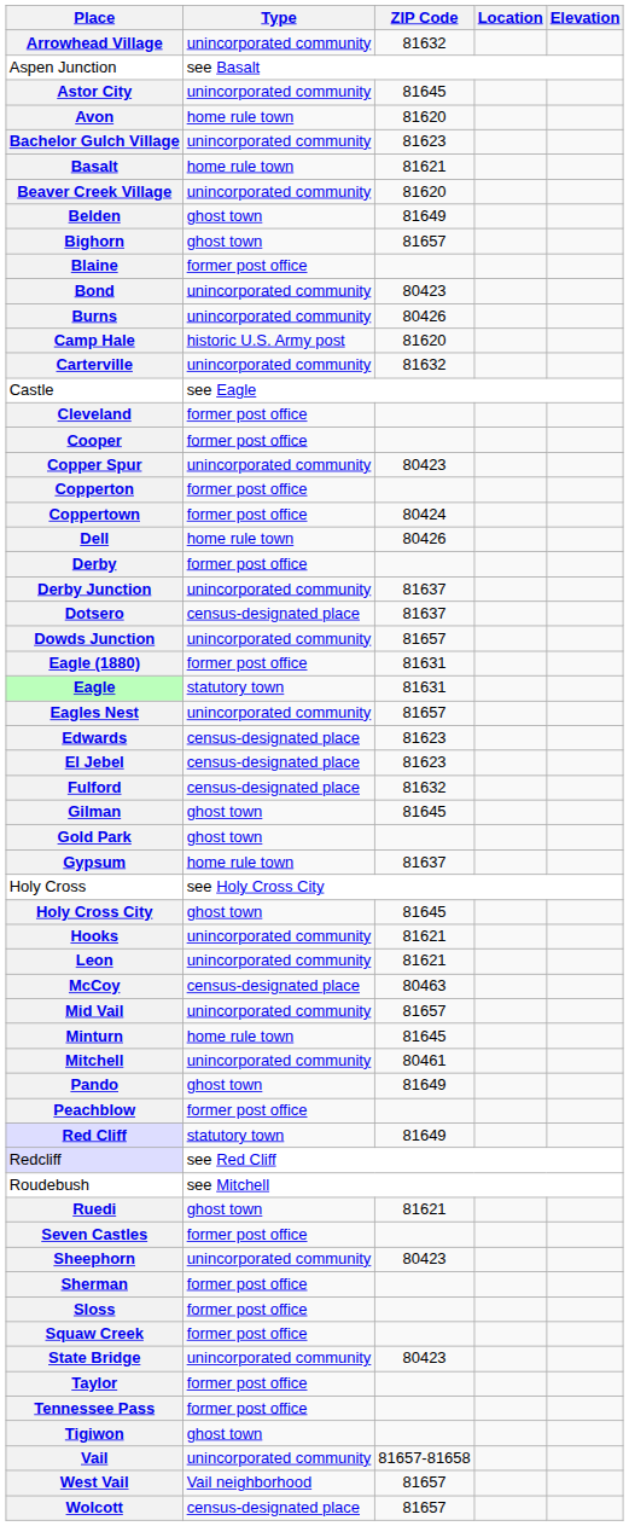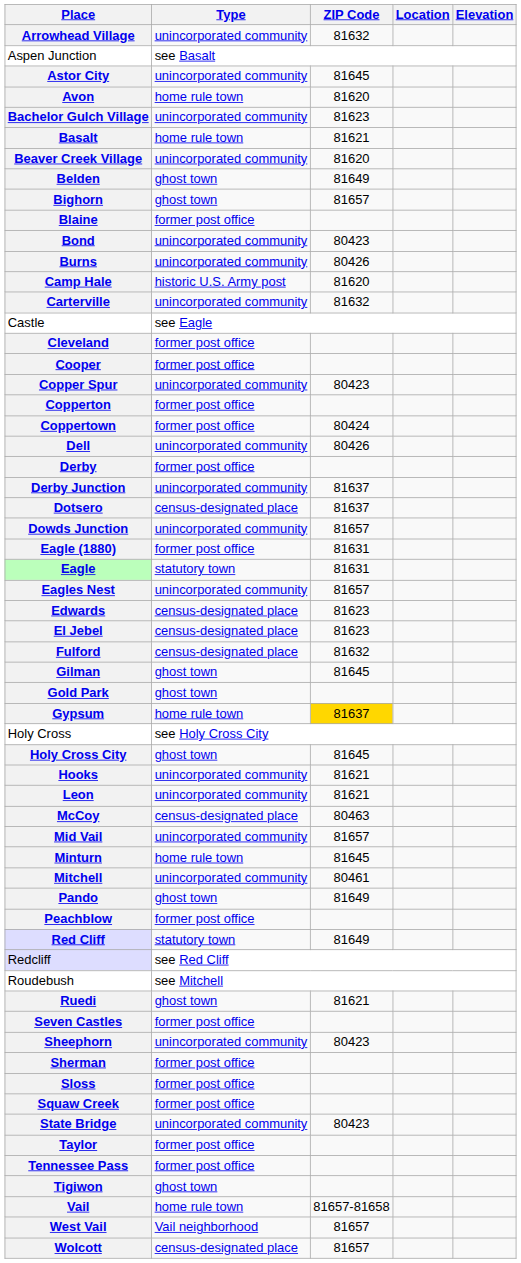 <table class="wikitable sortable  plainrowheaders" style="margin:auto;">
 <tr>
 <th scope=col><a href='#'>Place</a></th>
 <th scope=col><a href='#'>Type</a></th>
 <th scope=col><a href='#'>ZIP Code</a></th>
 <th scope=col><a href='#'>Location</a></th>
 <th scope=col><a href='#'>Elevation</a></th>
 </tr>
 <tr>
 <th scope=row><a href='#'>Arrowhead Village</a></th>
 <td><a href='#'>unincorporated community</a></td>
 <td align=center>81632</td>
 <td></td>
 <td align=right></td>
 </tr>
 <tr bgcolor=white>
 <td>Aspen Junction</td>
 <td colspan=4>see <a href='#'>Basalt</a></td>
 </tr>
 <tr>
 <th scope=row><a href='#'>Astor City</a></th>
 <td><a href='#'>unincorporated community</a></td>
 <td align=center>81645</td>
 <td></td>
 <td align=right></td>
 </tr>
 <tr>
 <th scope=row><a href='#'>Avon</a></th>
 <td><a href='#'>home rule town</a></td>
 <td align=center>81620</td>
 <td></td>
 <td align=right></td>
 </tr>
 <tr>
 <th scope=row><a href='#'>Bachelor Gulch Village</a></th>
 <td><a href='#'>unincorporated community</a></td>
 <td align=center>81623</td>
 <td></td>
 <td align=right></td>
 </tr>
 <tr>
 <th scope=row><a href='#'>Basalt</a></th>
 <td><a href='#'>home rule town</a></td>
 <td align=center>81621</td>
 <td></td>
 <td align=right></td>
 </tr>
 <tr>
 <th scope=row><a href='#'>Beaver Creek Village</a></th>
 <td><a href='#'>unincorporated community</a></td>
 <td align=center>81620</td>
 <td></td>
 <td align=right></td>
 </tr>
 <tr>
 <th scope=row><a href='#'>Belden</a></th>
 <td><a href='#'>ghost town</a></td>
 <td align=center>81649</td>
 <td></td>
 <td align=right></td>
 </tr>
 <tr>
 <th scope=row><a href='#'>Bighorn</a></th>
 <td><a href='#'>ghost town</a></td>
 <td align=center>81657</td>
 <td></td>
 <td align=right></td>
 </tr>
 <tr>
 <th scope=row><a href='#'>Blaine</a></th>
 <td><a href='#'>former post office</a></td>
 <td align=center></td>
 <td></td>
 <td></td>
 </tr>
 <tr>
 <th scope=row><a href='#'>Bond</a></th>
 <td><a href='#'>unincorporated community</a></td>
 <td align=center>80423</td>
 <td></td>
 <td align=right></td>
 </tr>
 <tr>
 <th scope=row><a href='#'>Burns</a></th>
 <td><a href='#'>unincorporated community</a></td>
 <td align=center>80426</td>
 <td></td>
 <td align=right></td>
 </tr>
 <tr>
 <th scope=row><a href='#'>Camp Hale</a></th>
 <td><a href='#'>historic U.S. Army post</a></td>
 <td align=center>81620</td>
 <td></td>
 <td align=right></td>
 </tr>
 <tr>
 <th scope=row><a href='#'>Carterville</a></th>
 <td><a href='#'>unincorporated community</a></td>
 <td align=center>81632</td>
 <td></td>
 <td align=right></td>
 </tr>
 <tr bgcolor=white>
 <td>Castle</td>
 <td colspan=4>see <a href='#'>Eagle</a></td>
 </tr>
 <tr>
 <th scope=row><a href='#'>Cleveland</a></th>
 <td><a href='#'>former post office</a></td>
 <td align=center></td>
 <td></td>
 <td></td>
 </tr>
 <tr>
 <th scope=row><a href='#'>Cooper</a></th>
 <td><a href='#'>former post office</a></td>
 <td align=center></td>
 <td></td>
 <td></td>
 </tr>
 <tr>
 <th scope=row><a href='#'>Copper Spur</a></th>
 <td><a href='#'>unincorporated community</a></td>
 <td align=center>80423</td>
 <td></td>
 <td align=right></td>
 </tr>
 <tr>
 <th scope=row><a href='#'>Copperton</a></th>
 <td><a href='#'>former post office</a></td>
 <td align=center></td>
 <td></td>
 <td></td>
 </tr>
 <tr>
 <th scope=row><a href='#'>Coppertown</a></th>
 <td><a href='#'>former post office</a></td>
 <td align=center>80424</td>
 <td></td>
 <td></td>
 </tr>
 <tr>
 <th scope=row><a href='#'>Dell</a></th>
-<td><a href='#'>home rule town</a></td>
+<td><a href='#'>unincorporated community</a></td>
 <td align=center>80426</td>
 <td></td>
 <td align=right></td>
 </tr>
 <tr>
 <th scope=row><a href='#'>Derby</a></th>
 <td><a href='#'>former post office</a></td>
 <td align=center></td>
 <td></td>
 <td></td>
 </tr>
 <tr>
 <th scope=row><a href='#'>Derby Junction</a></th>
 <td><a href='#'>unincorporated community</a></td>
 <td align=center>81637</td>
 <td></td>
 <td align=right></td>
 </tr>
 <tr>
 <th scope=row><a href='#'>Dotsero</a></th>
 <td><a href='#'>census-designated place</a></td>
 <td align=center>81637</td>
 <td></td>
 <td align=right></td>
 </tr>
 <tr>
 <th scope=row><a href='#'>Dowds Junction</a></th>
 <td><a href='#'>unincorporated community</a></td>
 <td align=center>81657</td>
 <td></td>
 <td align=right></td>
 </tr>
 <tr>
 <th scope=row><a href='#'>Eagle (1880)</a></th>
 <td><a href='#'>former post office</a></td>
 <td align=center>81631</td>
 <td></td>
 <td></td>
 </tr>
 <tr>
 <th scope=row style="background:#BBFFBB;"><a href='#'>Eagle</a></th>
 <td><a href='#'>statutory town</a></td>
 <td align=center>81631</td>
 <td></td>
 <td align=right></td>
 </tr>
 <tr>
 <th scope=row><a href='#'>Eagles Nest</a></th>
 <td><a href='#'>unincorporated community</a></td>
 <td align=center>81657</td>
 <td></td>
 <td align=right></td>
 </tr>
 <tr>
 <th scope=row><a href='#'>Edwards</a></th>
 <td><a href='#'>census-designated place</a></td>
 <td align=center>81623</td>
 <td></td>
 <td align=right></td>
 </tr>
 <tr>
 <th scope=row><a href='#'>El Jebel</a></th>
 <td><a href='#'>census-designated place</a></td>
 <td align=center>81623</td>
 <td></td>
 <td align=right></td>
 </tr>
 <tr>
 <th scope=row><a href='#'>Fulford</a></th>
 <td><a href='#'>census-designated place</a></td>
 <td align=center>81632</td>
 <td></td>
 <td align=right></td>
 </tr>
 <tr>
 <th scope=row><a href='#'>Gilman</a></th>
 <td><a href='#'>ghost town</a></td>
 <td align=center>81645</td>
 <td></td>
 <td align=right></td>
 </tr>
 <tr>
 <th scope=row><a href='#'>Gold Park</a></th>
 <td><a href='#'>ghost town</a></td>
 <td align=center></td>
 <td></td>
 <td></td>
 </tr>
 <tr>
 <th scope=row><a href='#'>Gypsum</a></th>
 <td><a href='#'>home rule town</a></td>
-<td align=center>81637</td>
+<td align=center style="background: gold;">81637</td>
 <td></td>
 <td align=right></td>
 </tr>
 <tr bgcolor=white>
 <td>Holy Cross</td>
 <td colspan=4>see <a href='#'>Holy Cross City</a></td>
 </tr>
 <tr>
 <th scope=row><a href='#'>Holy Cross City</a></th>
 <td><a href='#'>ghost town</a></td>
 <td align=center>81645</td>
 <td></td>
 <td align=right></td>
 </tr>
 <tr>
 <th scope=row><a href='#'>Hooks</a></th>
 <td><a href='#'>unincorporated community</a></td>
 <td align=center>81621</td>
 <td></td>
 <td align=right></td>
 </tr>
 <tr>
 <th scope=row><a href='#'>Leon</a></th>
 <td><a href='#'>unincorporated community</a></td>
 <td align=center>81621</td>
 <td></td>
 <td align=right></td>
 </tr>
 <tr>
 <th scope=row><a href='#'>McCoy</a></th>
 <td><a href='#'>census-designated place</a></td>
 <td align=center>80463</td>
 <td></td>
 <td align=right></td>
 </tr>
 <tr>
 <th scope=row><a href='#'>Mid Vail</a></th>
 <td><a href='#'>unincorporated community</a></td>
 <td align=center>81657</td>
 <td></td>
 <td align=right></td>
 </tr>
 <tr>
 <th scope=row><a href='#'>Minturn</a></th>
 <td><a href='#'>home rule town</a></td>
 <td align=center>81645</td>
 <td></td>
 <td align=right></td>
 </tr>
 <tr>
 <th scope=row><a href='#'>Mitchell</a></th>
 <td><a href='#'>unincorporated community</a></td>
 <td align=center>80461</td>
 <td></td>
 <td align=right></td>
 </tr>
 <tr>
 <th scope=row><a href='#'>Pando</a></th>
 <td><a href='#'>ghost town</a></td>
 <td align=center>81649</td>
 <td></td>
 <td align=right></td>
 </tr>
 <tr>
 <th scope=row><a href='#'>Peachblow</a></th>
 <td><a href='#'>former post office</a></td>
 <td align=center></td>
 <td></td>
 <td></td>
 </tr>
 <tr>
 <th scope=row style="background:#DDDDFF;"><a href='#'>Red Cliff</a></th>
 <td><a href='#'>statutory town</a></td>
 <td align=center>81649</td>
 <td></td>
 <td align=right></td>
 </tr>
 <tr bgcolor=white>
 <td style="background:#DDDDFF;">Redcliff</td>
 <td colspan=4>see <a href='#'>Red Cliff</a></td>
 </tr>
 <tr bgcolor=white>
 <td>Roudebush</td>
 <td colspan=4>see <a href='#'>Mitchell</a></td>
 </tr>
 <tr>
 <th scope=row><a href='#'>Ruedi</a></th>
 <td><a href='#'>ghost town</a></td>
 <td align=center>81621</td>
 <td></td>
 <td align=right></td>
 </tr>
 <tr>
 <th scope=row><a href='#'>Seven Castles</a></th>
 <td><a href='#'>former post office</a></td>
 <td align=center></td>
 <td></td>
 <td></td>
 </tr>
 <tr>
 <th scope=row><a href='#'>Sheephorn</a></th>
 <td><a href='#'>unincorporated community</a></td>
 <td align=center>80423</td>
 <td></td>
 <td align=right></td>
 </tr>
 <tr>
 <th scope=row><a href='#'>Sherman</a></th>
 <td><a href='#'>former post office</a></td>
 <td align=center></td>
 <td></td>
 <td></td>
 </tr>
 <tr>
 <th scope=row><a href='#'>Sloss</a></th>
 <td><a href='#'>former post office</a></td>
 <td align=center></td>
 <td></td>
 <td></td>
 </tr>
 <tr>
 <th scope=row><a href='#'>Squaw Creek</a></th>
 <td><a href='#'>former post office</a></td>
 <td align=center></td>
 <td></td>
 <td></td>
 </tr>
 <tr>
 <th scope=row><a href='#'>State Bridge</a></th>
 <td><a href='#'>unincorporated community</a></td>
 <td align=center>80423</td>
 <td></td>
 <td align=right></td>
 </tr>
 <tr>
 <th scope=row><a href='#'>Taylor</a></th>
 <td><a href='#'>former post office</a></td>
 <td align=center></td>
 <td></td>
 <td></td>
 </tr>
 <tr>
 <th scope=row><a href='#'>Tennessee Pass</a></th>
 <td><a href='#'>former post office</a></td>
 <td align=center></td>
 <td></td>
 <td></td>
 </tr>
 <tr>
 <th scope=row><a href='#'>Tigiwon</a></th>
 <td><a href='#'>ghost town</a></td>
 <td align=center></td>
 <td></td>
 <td></td>
 </tr>
 <tr>
 <th scope=row><a href='#'>Vail</a></th>
-<td><a href='#'>unincorporated community</a></td>
+<td><a href='#'>home rule town</a></td>
 <td align=center>81657-81658</td>
 <td></td>
 <td align=right></td>
 </tr>
 <tr>
 <th scope=row><a href='#'>West Vail</a></th>
 <td><a href='#'>Vail neighborhood</a></td>
 <td align=center>81657</td>
 <td></td>
 <td align=right></td>
 </tr>
 <tr>
 <th scope=row><a href='#'>Wolcott</a></th>
 <td><a href='#'>census-designated place</a></td>
 <td align=center>81657</td>
 <td></td>
 <td align=right></td>
 </tr>
 </table>
